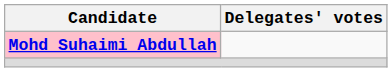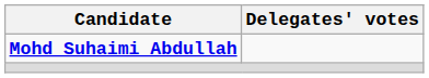 <table class="wikitable" style="text-align:center">
 <tr>
 <th>Candidate</th>
 <th>Delegates' votes</th>
 </tr>
 <tr>
-<td align="left" style="background: pink;"><strong><a href='#'>Mohd Suhaimi Abdullah</a></strong></td>
+<td align="left"><strong><a href='#'>Mohd Suhaimi Abdullah</a></strong></td>
 <td colspan="1"></td>
 </tr>
 <tr>
 <td colspan="3" bgcolor="dcdcdc"></td>
 </tr>
 </table>
